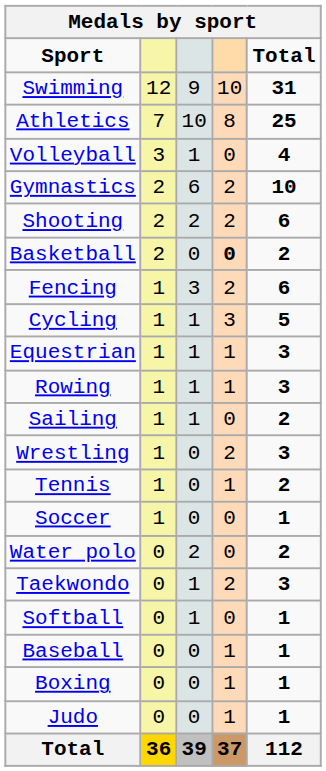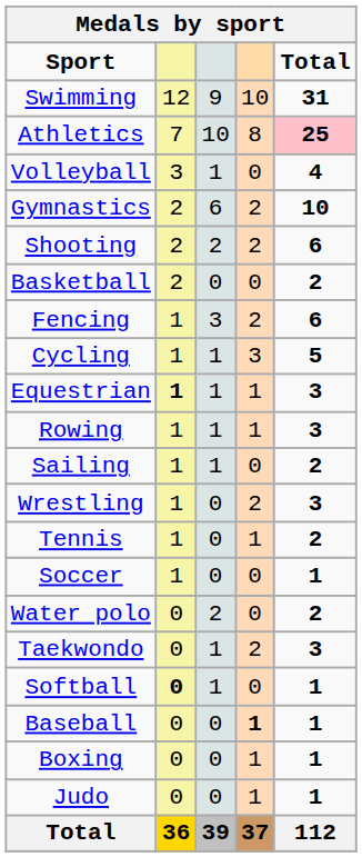 <table class=wikitable style="font-size:85%; float:right;text-align:center">
 <tr bgcolor=EFEFEF>
 <th colspan=7>Medals by sport</th>
 </tr>
 <tr>
 <td><strong>Sport</strong></td>
 <td bgcolor=F7F6A8></td>
 <td bgcolor=DCE5E5></td>
 <td bgcolor=FFDBA9></td>
 <td><strong>Total</strong></td>
 </tr>
 <tr>
 <td><a href='#'>Swimming</a></td>
 <td bgcolor=F7F6A8>12</td>
 <td bgcolor=DCE5E5>9</td>
 <td bgcolor=FFDAB9>10</td>
 <td><strong>31</strong></td>
 </tr>
 <tr>
 <td><a href='#'>Athletics</a></td>
 <td bgcolor=F7F6A8>7</td>
 <td bgcolor=DCE5E5>10</td>
 <td bgcolor=FFDAB9>8</td>
-<td><strong>25</strong></td>
+<td style="background: pink;"><strong>25</strong></td>
 </tr>
 <tr>
 <td><a href='#'>Volleyball</a></td>
 <td bgcolor=F7F6A8>3</td>
 <td bgcolor=DCE5E5>1</td>
 <td bgcolor=FFDAB9>0</td>
 <td><strong>4</strong></td>
 </tr>
 <tr>
 <td><a href='#'>Gymnastics</a></td>
 <td bgcolor=F7F6A8>2</td>
 <td bgcolor=DCE5E5>6</td>
 <td bgcolor=FFDAB9>2</td>
 <td><strong>10</strong></td>
 </tr>
 <tr>
 <td><a href='#'>Shooting</a></td>
 <td bgcolor=F7F6A8>2</td>
 <td bgcolor=DCE5E5>2</td>
 <td bgcolor=FFDAB9>2</td>
 <td><strong>6</strong></td>
 </tr>
 <tr>
 <td><a href='#'>Basketball</a></td>
 <td bgcolor=F7F6A8>2</td>
 <td bgcolor=DCE5E5>0</td>
-<td bgcolor=FFDAB9><strong>0</strong></td>
+<td bgcolor=FFDAB9>0</td>
 <td><strong>2</strong></td>
 </tr>
 <tr>
 <td><a href='#'>Fencing</a></td>
 <td bgcolor=F7F6A8>1</td>
 <td bgcolor=DCE5E5>3</td>
 <td bgcolor=FFDAB9>2</td>
 <td><strong>6</strong></td>
 </tr>
 <tr>
 <td><a href='#'>Cycling</a></td>
 <td bgcolor=F7F6A8>1</td>
 <td bgcolor=DCE5E5>1</td>
 <td bgcolor=FFDAB9>3</td>
 <td><strong>5</strong></td>
 </tr>
 <tr>
 <td><a href='#'>Equestrian</a></td>
-<td bgcolor=F7F6A8>1</td>
+<td bgcolor=F7F6A8><strong>1</strong></td>
 <td bgcolor=DCE5E5>1</td>
 <td bgcolor=FFDAB9>1</td>
 <td><strong>3</strong></td>
 </tr>
 <tr>
 <td><a href='#'>Rowing</a></td>
 <td bgcolor=F7F6A8>1</td>
 <td bgcolor=DCE5E5>1</td>
 <td bgcolor=FFDAB9>1</td>
 <td><strong>3</strong></td>
 </tr>
 <tr>
 <td><a href='#'>Sailing</a></td>
 <td bgcolor=F7F6A8>1</td>
 <td bgcolor=DCE5E5>1</td>
 <td bgcolor=FFDAB9>0</td>
 <td><strong>2</strong></td>
 </tr>
 <tr>
 <td><a href='#'>Wrestling</a></td>
 <td bgcolor=F7F6A8>1</td>
 <td bgcolor=DCE5E5>0</td>
 <td bgcolor=FFDAB9>2</td>
 <td><strong>3</strong></td>
 </tr>
 <tr>
 <td><a href='#'>Tennis</a></td>
 <td bgcolor=F7F6A8>1</td>
 <td bgcolor=DCE5E5>0</td>
 <td bgcolor=FFDAB9>1</td>
 <td><strong>2</strong></td>
 </tr>
 <tr>
 <td><a href='#'>Soccer</a></td>
 <td bgcolor=F7F6A8>1</td>
 <td bgcolor=DCE5E5>0</td>
 <td bgcolor=FFDAB9>0</td>
 <td><strong>1</strong></td>
 </tr>
 <tr>
 <td><a href='#'>Water polo</a></td>
 <td bgcolor=F7F6A8>0</td>
 <td bgcolor=DCE5E5>2</td>
 <td bgcolor=FFDAB9>0</td>
 <td><strong>2</strong></td>
 </tr>
 <tr>
 <td><a href='#'>Taekwondo</a></td>
 <td bgcolor=F7F6A8>0</td>
 <td bgcolor=DCE5E5>1</td>
 <td bgcolor=FFDAB9>2</td>
 <td><strong>3</strong></td>
 </tr>
 <tr>
 <td><a href='#'>Softball</a></td>
-<td bgcolor=F7F6A8>0</td>
+<td bgcolor=F7F6A8><strong>0</strong></td>
 <td bgcolor=DCE5E5>1</td>
 <td bgcolor=FFDAB9>0</td>
 <td><strong>1</strong></td>
 </tr>
 <tr>
 <td><a href='#'>Baseball</a></td>
 <td bgcolor=F7F6A8>0</td>
 <td bgcolor=DCE5E5>0</td>
-<td bgcolor=FFDAB9>1</td>
+<td bgcolor=FFDAB9><strong>1</strong></td>
 <td><strong>1</strong></td>
 </tr>
 <tr>
 <td><a href='#'>Boxing</a></td>
 <td bgcolor=F7F6A8>0</td>
 <td bgcolor=DCE5E5>0</td>
 <td bgcolor=FFDAB9>1</td>
 <td><strong>1</strong></td>
 </tr>
 <tr>
 <td><a href='#'>Judo</a></td>
 <td bgcolor=F7F6A8>0</td>
 <td bgcolor=DCE5E5>0</td>
 <td bgcolor=FFDAB9>1</td>
 <td><strong>1</strong></td>
 </tr>
 <tr>
 <th>Total</th>
 <th style=background:gold>36</th>
 <th style=background:silver>39</th>
 <th style=background:#C96>37</th>
 <th>112</th>
 </tr>
 </table>
